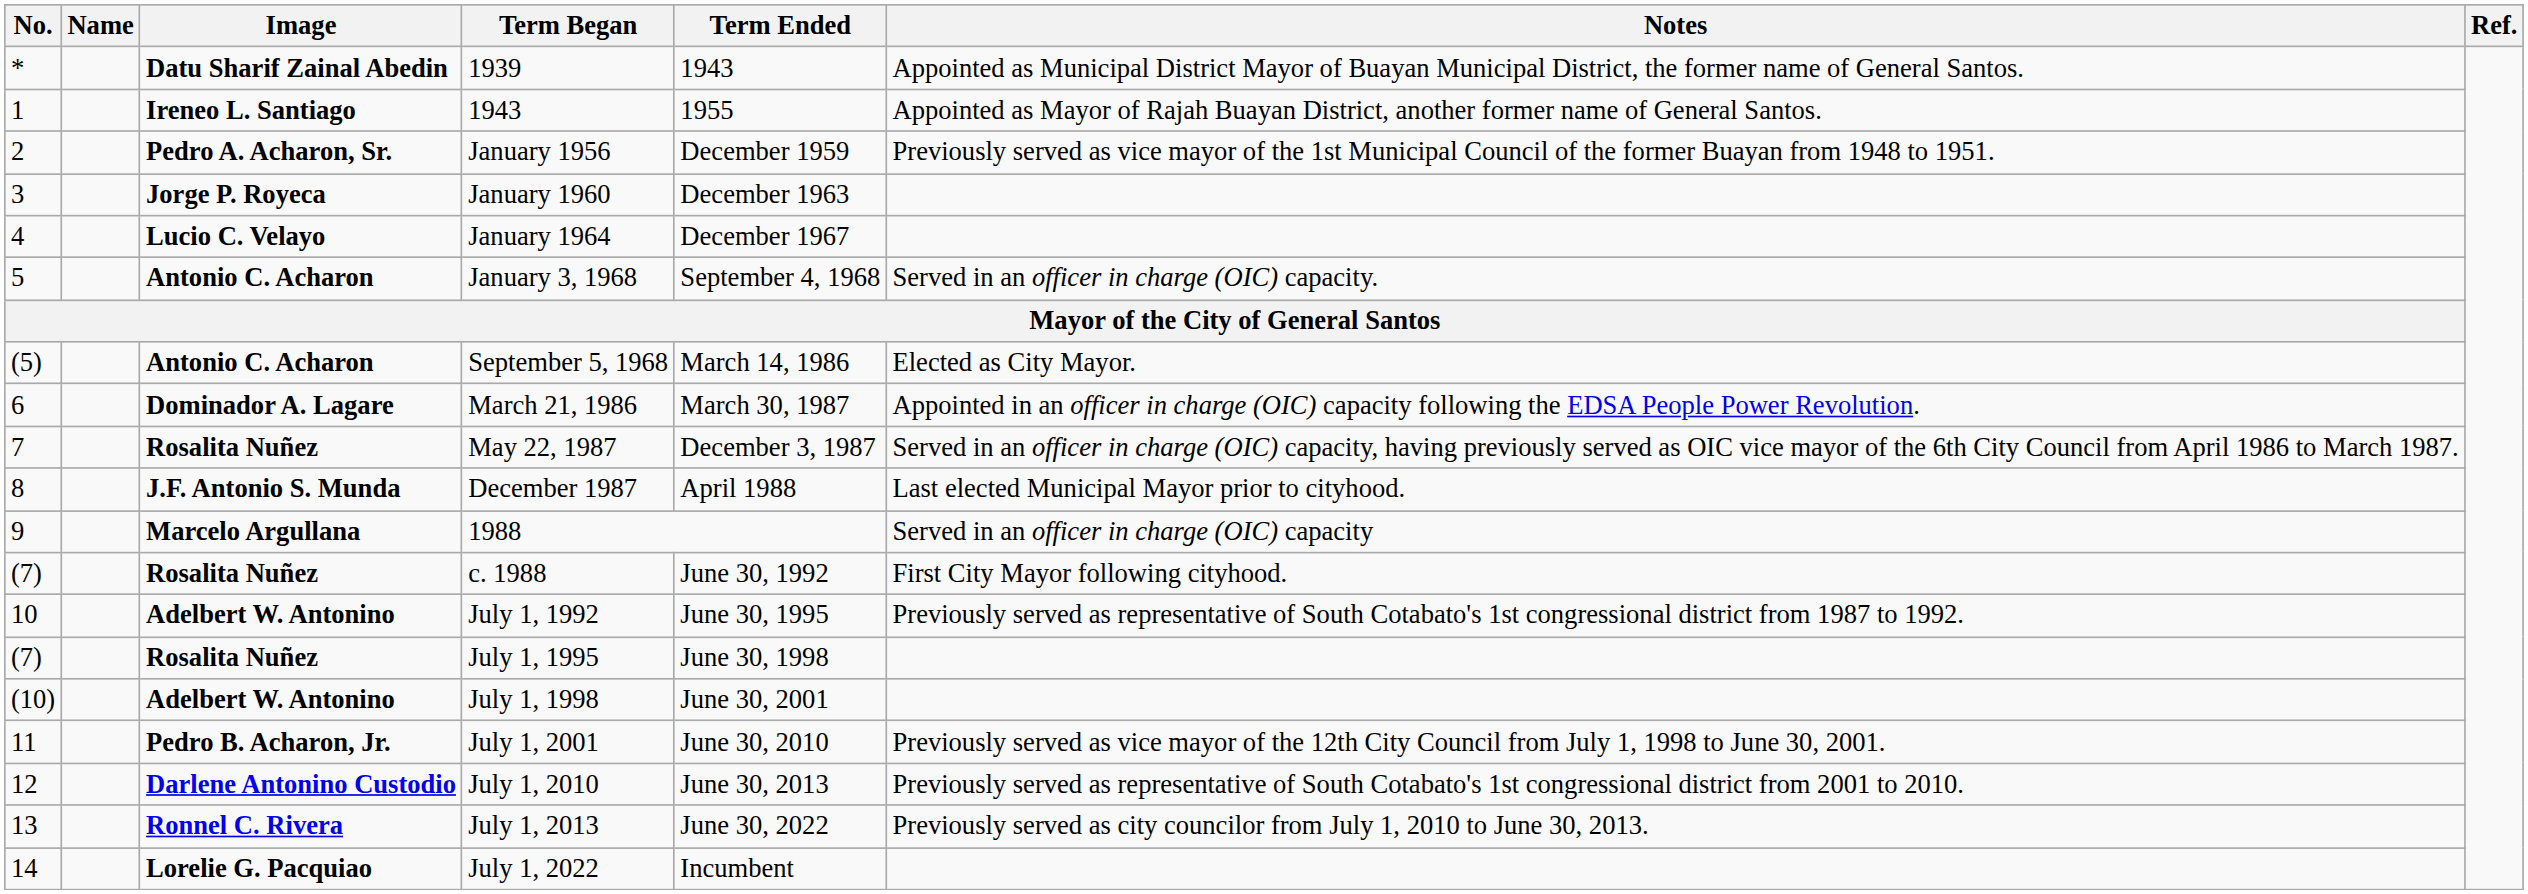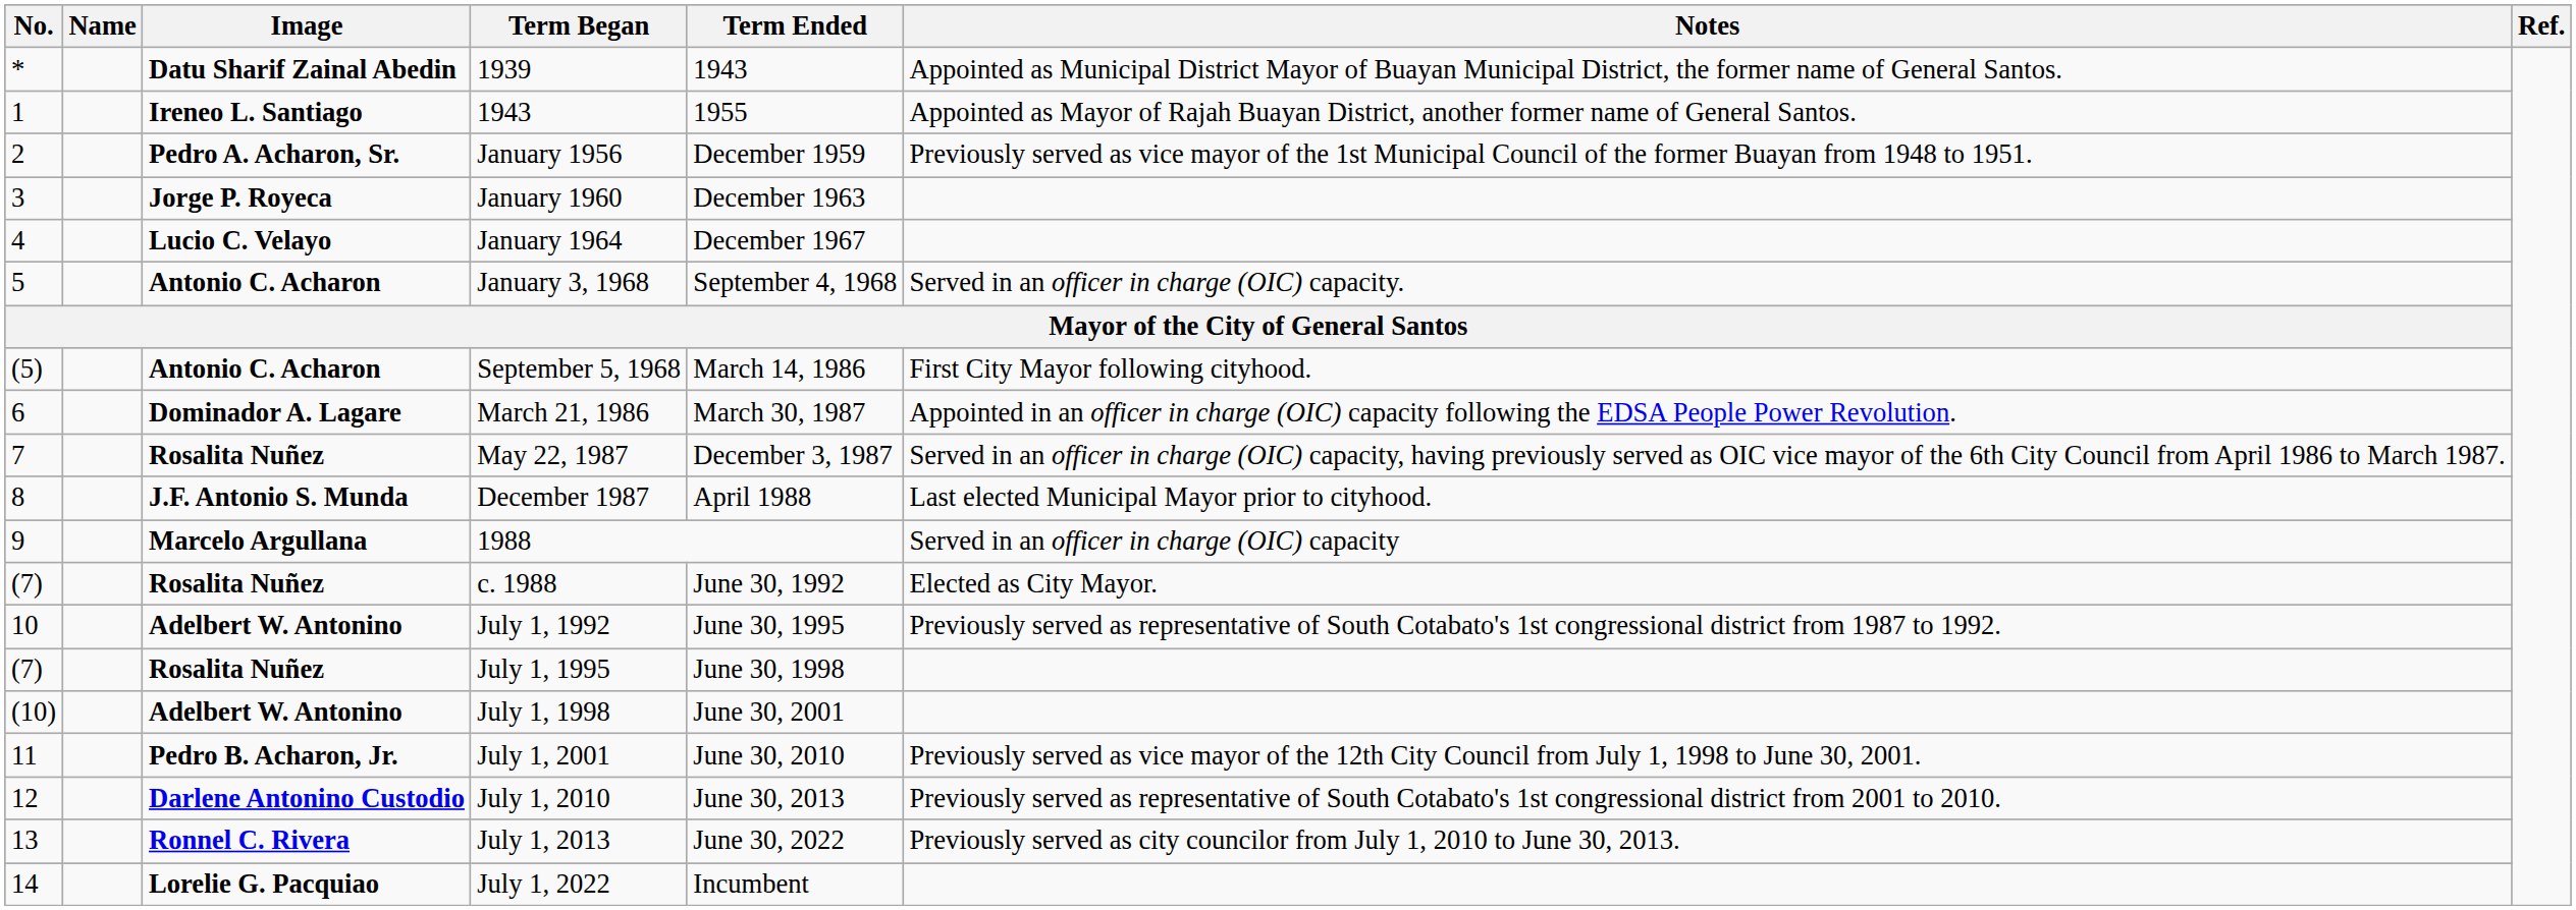 <table class=wikitable>
 <tr>
 <th>No.</th>
 <th>Name</th>
 <th>Image</th>
 <th>Term Began</th>
 <th>Term Ended</th>
 <th>Notes</th>
 <th>Ref.</th>
 </tr>
 <tr>
 <td>*</td>
 <td></td>
 <td><strong>Datu Sharif Zainal Abedin</strong></td>
 <td>1939</td>
 <td>1943</td>
 <td>Appointed as Municipal District Mayor of Buayan Municipal District, the former name of General Santos.</td>
 <td rowspan="20"></td>
 </tr>
 <tr>
 <td>1</td>
 <td></td>
 <td><strong>Ireneo L. Santiago</strong></td>
 <td>1943</td>
 <td>1955</td>
 <td>Appointed as Mayor of Rajah Buayan District, another former name of General Santos.</td>
 </tr>
 <tr>
 <td>2</td>
 <td></td>
 <td><strong>Pedro A. Acharon, Sr.</strong></td>
 <td>January 1956</td>
 <td>December 1959</td>
 <td>Previously served as vice mayor of the 1st Municipal Council of the former Buayan from 1948 to 1951.</td>
 </tr>
 <tr>
 <td>3</td>
 <td></td>
 <td><strong>Jorge P. Royeca</strong></td>
 <td>January 1960</td>
 <td>December 1963</td>
 <td></td>
 </tr>
 <tr>
 <td>4</td>
 <td></td>
 <td><strong>Lucio C. Velayo</strong></td>
 <td>January 1964</td>
 <td>December 1967</td>
 <td></td>
 </tr>
 <tr>
 <td>5</td>
 <td></td>
 <td><strong>Antonio C. Acharon</strong></td>
 <td>January 3, 1968</td>
 <td>September 4, 1968</td>
 <td>Served in an <em>officer in charge (OIC)</em> capacity.</td>
 </tr>
 <tr>
 <th colspan=6 align=center><strong>Mayor of the City of General Santos</strong></th>
 </tr>
 <tr>
 <td>(5)</td>
 <td></td>
 <td><strong>Antonio C. Acharon</strong></td>
 <td>September 5, 1968</td>
 <td>March 14, 1986</td>
-<td>Elected as City Mayor.</td>
+<td>First City Mayor following cityhood.</td>
 </tr>
 <tr>
 <td>6</td>
 <td></td>
 <td><strong>Dominador A. Lagare</strong></td>
 <td>March 21, 1986</td>
 <td>March 30, 1987</td>
 <td>Appointed in an <em>officer in charge (OIC)</em> capacity following the <a href='#'>EDSA People Power Revolution</a>.</td>
 </tr>
 <tr>
 <td>7</td>
 <td></td>
 <td><strong>Rosalita Nuñez</strong><br></td>
 <td>May 22, 1987</td>
 <td>December 3, 1987</td>
 <td>Served in an <em>officer in charge (OIC)</em> capacity, having previously served as OIC vice mayor of the 6th City Council from April 1986 to March 1987.</td>
 </tr>
 <tr>
 <td>8</td>
 <td></td>
 <td><strong>J.F. Antonio S. Munda</strong></td>
 <td>December 1987</td>
 <td>April 1988</td>
 <td>Last elected Municipal Mayor prior to cityhood.</td>
 </tr>
 <tr>
 <td>9</td>
 <td></td>
 <td><strong>Marcelo Argullana</strong></td>
 <td colspan="2">1988</td>
 <td>Served in an <em>officer in charge (OIC)</em> capacity</td>
 </tr>
 <tr>
 <td>(7)</td>
 <td></td>
 <td><strong>Rosalita Nuñez</strong><br></td>
 <td>c. 1988</td>
 <td>June 30, 1992</td>
-<td>First City Mayor following cityhood.</td>
+<td>Elected as City Mayor.</td>
 </tr>
 <tr>
 <td>10</td>
 <td></td>
 <td><strong>Adelbert W. Antonino</strong><br></td>
 <td>July 1, 1992</td>
 <td>June 30, 1995</td>
 <td>Previously served as representative of South Cotabato's 1st congressional district from 1987 to 1992.</td>
 </tr>
 <tr>
 <td>(7)</td>
 <td></td>
 <td><strong>Rosalita Nuñez</strong><br></td>
 <td>July 1, 1995</td>
 <td>June 30, 1998</td>
 <td></td>
 </tr>
 <tr>
 <td>(10)</td>
 <td></td>
 <td><strong>Adelbert W. Antonino</strong><br></td>
 <td>July 1, 1998</td>
 <td>June 30, 2001</td>
 <td></td>
 </tr>
 <tr>
 <td>11</td>
 <td></td>
 <td><strong>Pedro B. Acharon, Jr.</strong><br></td>
 <td>July 1, 2001</td>
 <td>June 30, 2010</td>
 <td>Previously served as vice mayor of the 12th City Council from July 1, 1998 to June 30, 2001.</td>
 </tr>
 <tr>
 <td>12</td>
 <td></td>
 <td><strong><a href='#'>Darlene Antonino Custodio</a></strong><br></td>
 <td>July 1, 2010</td>
 <td>June 30, 2013</td>
 <td>Previously served as representative of South Cotabato's 1st congressional district from 2001 to 2010.</td>
 </tr>
 <tr>
 <td>13</td>
 <td></td>
 <td><strong><a href='#'>Ronnel C. Rivera</a></strong><br></td>
 <td>July 1, 2013</td>
 <td>June 30, 2022</td>
 <td>Previously served as city councilor from July 1, 2010 to June 30, 2013.</td>
 </tr>
 <tr>
 <td>14</td>
 <td></td>
 <td><strong>Lorelie G. Pacquiao</strong><br></td>
 <td>July 1, 2022</td>
 <td>Incumbent<br></td>
 <td></td>
 </tr>
 </table>
